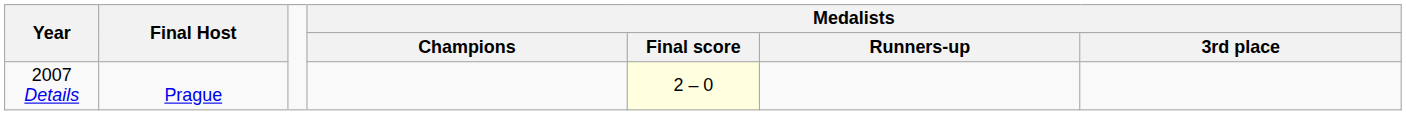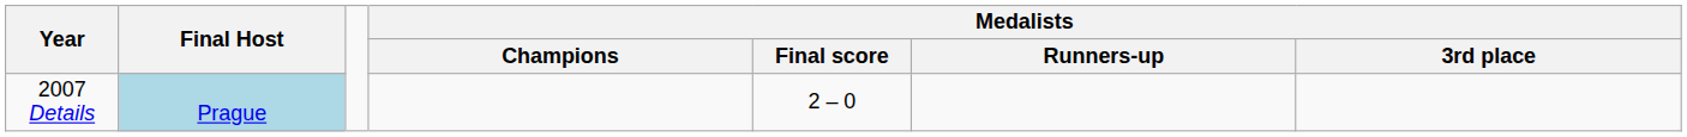 <table class="wikitable" style="text-align: center;">
 <tr>
 <th rowspan=2 width=5%>Year</th>
 <th rowspan=2 width=10%>Final Host</th>
 <td width=1% rowspan=3 style="border-top:none;border-bottom:none;"></td>
 <th colspan=4>Medalists</th>
 </tr>
 <tr>
 <th width=17%>Champions</th>
 <th width=7%>Final score</th>
 <th width=17%>Runners-up</th>
 <th width=17%>3rd place</th>
 </tr>
 <tr>
 <td>2007<br><em><a href='#'>Details</a></em></td>
-<td><br><a href='#'>Prague</a></td>
+<td style="background: lightblue;"><br><a href='#'>Prague</a></td>
 <td><strong></strong></td>
-<td style="background: lightyellow;">2 – 0</td>
+<td>2 – 0</td>
 <td></td>
 <td></td>
 </tr>
 </table>
